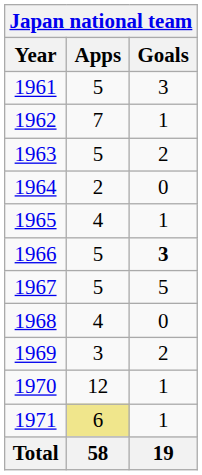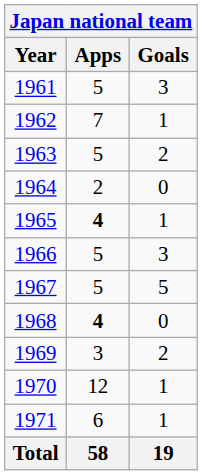 <table class="wikitable" style="text-align:center">
 <tr>
 <th colspan=3><a href='#'>Japan national team</a></th>
 </tr>
 <tr>
 <th>Year</th>
 <th>Apps</th>
 <th>Goals</th>
 </tr>
 <tr>
 <td><a href='#'>1961</a></td>
 <td>5</td>
 <td>3</td>
 </tr>
 <tr>
 <td><a href='#'>1962</a></td>
 <td>7</td>
 <td>1</td>
 </tr>
 <tr>
 <td><a href='#'>1963</a></td>
 <td>5</td>
 <td>2</td>
 </tr>
 <tr>
 <td><a href='#'>1964</a></td>
 <td>2</td>
 <td>0</td>
 </tr>
 <tr>
 <td><a href='#'>1965</a></td>
-<td>4</td>
+<td><strong>4</strong></td>
 <td>1</td>
 </tr>
 <tr>
 <td><a href='#'>1966</a></td>
 <td>5</td>
-<td><strong>3</strong></td>
+<td>3</td>
 </tr>
 <tr>
 <td><a href='#'>1967</a></td>
 <td>5</td>
 <td>5</td>
 </tr>
 <tr>
 <td><a href='#'>1968</a></td>
-<td>4</td>
+<td><strong>4</strong></td>
 <td>0</td>
 </tr>
 <tr>
 <td><a href='#'>1969</a></td>
 <td>3</td>
 <td>2</td>
 </tr>
 <tr>
 <td><a href='#'>1970</a></td>
 <td>12</td>
 <td>1</td>
 </tr>
 <tr>
 <td><a href='#'>1971</a></td>
-<td style="background: khaki;">6</td>
+<td>6</td>
 <td>1</td>
 </tr>
 <tr>
 <th>Total</th>
 <th>58</th>
 <th>19</th>
 </tr>
 </table>
